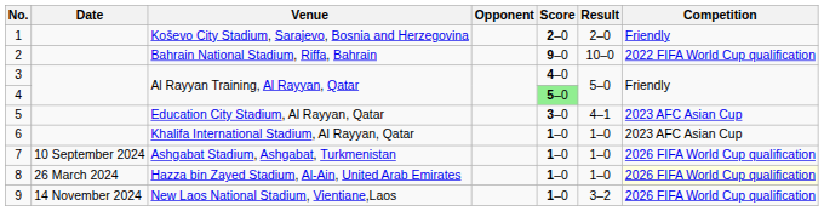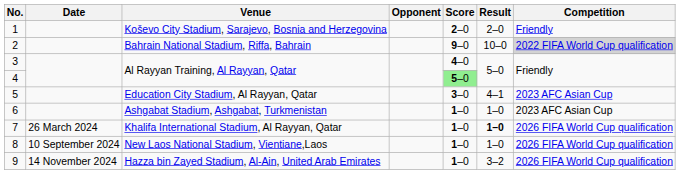 <table class="wikitable sortable">
 <tr>
 <th scope="col">No.</th>
 <th scope="col">Date</th>
 <th scope="col">Venue</th>
 <th scope="col">Opponent</th>
 <th scope="col">Score</th>
 <th scope="col">Result</th>
 <th scope="col">Competition</th>
 </tr>
 <tr>
 <td style="text-align:center">1</td>
 <td></td>
 <td><a href='#'>Koševo City Stadium</a>, <a href='#'>Sarajevo</a>, <a href='#'>Bosnia and Herzegovina</a></td>
 <td></td>
 <td style="text-align:center"><strong>2</strong>–0</td>
 <td style="text-align:center">2–0</td>
 <td><a href='#'>Friendly</a></td>
 </tr>
 <tr>
 <td style="text-align:center">2</td>
 <td></td>
 <td><a href='#'>Bahrain National Stadium</a>, <a href='#'>Riffa</a>, <a href='#'>Bahrain</a></td>
 <td></td>
 <td style="text-align:center"><strong>9</strong>–0</td>
 <td style="text-align:center">10–0</td>
-<td><a href='#'>2022 FIFA World Cup qualification</a></td>
+<td style="background: lightgrey;"><a href='#'>2022 FIFA World Cup qualification</a></td>
 </tr>
 <tr>
 <td style="text-align:center">3</td>
 <td rowspan="2"></td>
 <td rowspan="2">Al Rayyan Training, <a href='#'>Al Rayyan</a>, <a href='#'>Qatar</a></td>
 <td rowspan="2"></td>
 <td style="text-align:center"><strong>4</strong>–0</td>
 <td rowspan="2" style="text-align:center">5–0</td>
 <td rowspan="2">Friendly</td>
 </tr>
 <tr>
 <td style="text-align:center">4</td>
 <td style="background: lightgreen; text-align:center"><strong>5</strong>–0</td>
 </tr>
 <tr>
 <td style="text-align:center">5</td>
 <td></td>
 <td><a href='#'>Education City Stadium</a>, Al Rayyan, Qatar</td>
 <td></td>
 <td style="text-align:center"><strong>3</strong>–0</td>
 <td style="text-align:center">4–1</td>
 <td><a href='#'>2023 AFC Asian Cup</a></td>
 </tr>
 <tr>
 <td style="text-align:center">6</td>
 <td></td>
-<td><a href='#'>Khalifa International Stadium</a>, Al Rayyan, Qatar</td>
+<td><a href='#'>Ashgabat Stadium</a>, <a href='#'>Ashgabat</a>, <a href='#'>Turkmenistan</a></td>
 <td></td>
 <td style="text-align:center"><strong>1</strong>–0</td>
 <td style="text-align:center">1–0</td>
 <td>2023 AFC Asian Cup</td>
 </tr>
 <tr>
 <td style="text-align:center">7</td>
+<td>26 March 2024</td>
+<td><a href='#'>Khalifa International Stadium</a>, Al Rayyan, Qatar</td>
+<td></td>
+<td style="text-align:center"><strong>1</strong>–0</td>
+<td style="text-align:center"><strong>1–0</strong></td>
+<td><a href='#'>2026 FIFA World Cup qualification</a></td>
+</tr>
+<tr>
+<td style="text-align:center">8</td>
 <td>10 September 2024</td>
-<td><a href='#'>Ashgabat Stadium</a>, <a href='#'>Ashgabat</a>, <a href='#'>Turkmenistan</a></td>
+<td><a href='#'>New Laos National Stadium</a>, <a href='#'>Vientiane</a>,Laos</td>
 <td></td>
 <td style="text-align:center"><strong>1</strong>–0</td>
 <td style="text-align:center">1–0</td>
 <td><a href='#'>2026 FIFA World Cup qualification</a></td>
 </tr>
 <tr>
-<td style="text-align:center">8</td>
-<td>26 March 2024</td>
-<td><a href='#'>Hazza bin Zayed Stadium</a>, <a href='#'>Al-Ain</a>, <a href='#'>United Arab Emirates</a></td>
-<td></td>
-<td style="text-align:center"><strong>1</strong>–0</td>
-<td style="text-align:center">1–0</td>
-<td style="background: lightyellow;"><a href='#'>2026 FIFA World Cup qualification</a></td>
-</tr>
-<tr>
 <td style="text-align:center">9</td>
 <td>14 November 2024</td>
-<td><a href='#'>New Laos National Stadium</a>, <a href='#'>Vientiane</a>,Laos</td>
+<td><a href='#'>Hazza bin Zayed Stadium</a>, <a href='#'>Al-Ain</a>, <a href='#'>United Arab Emirates</a></td>
 <td></td>
 <td style="text-align:center"><strong>1</strong>–0</td>
 <td style="text-align:center">3–2</td>
 <td><a href='#'>2026 FIFA World Cup qualification</a></td>
 </tr>
 </table>
